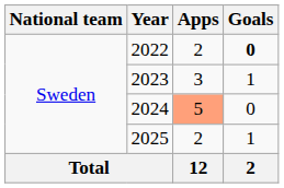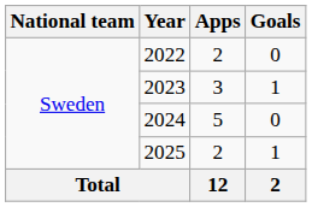 <table class="wikitable" style="text-align:center">
 <tr>
 <th>National team</th>
 <th>Year</th>
 <th>Apps</th>
 <th>Goals</th>
 </tr>
 <tr>
 <td rowspan="4"><a href='#'>Sweden</a></td>
 <td>2022</td>
 <td>2</td>
-<td><strong>0</strong></td>
+<td>0</td>
 </tr>
 <tr>
 <td>2023</td>
 <td>3</td>
 <td>1</td>
 </tr>
 <tr>
 <td>2024</td>
-<td style="background: lightsalmon;">5</td>
+<td>5</td>
 <td>0</td>
 </tr>
 <tr>
 <td>2025</td>
 <td>2</td>
 <td>1</td>
 </tr>
 <tr>
 <th colspan="2">Total</th>
 <th>12</th>
 <th>2</th>
 </tr>
 </table>
